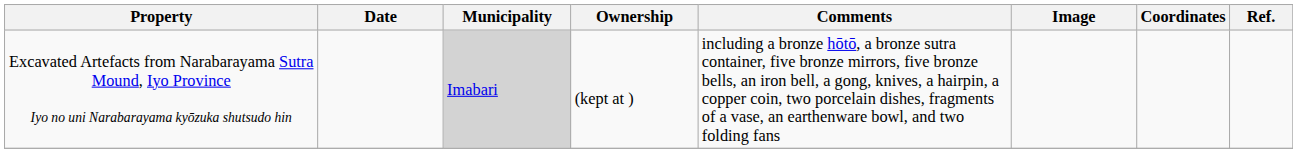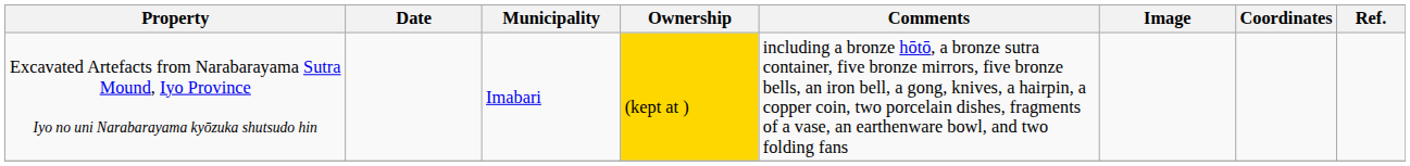 <table class="wikitable sortable"  style="width:100%;">
 <tr>
 <th width="25%" align="left">Property</th>
 <th width="10%" align="left">Date</th>
 <th width="10%" align="left">Municipality</th>
 <th width="10%" align="left">Ownership</th>
 <th width="25%" align="left" class="unsortable">Comments</th>
 <th width="10%" align="left" class="unsortable">Image</th>
 <th width="5%" align="left" class="unsortable">Coordinates</th>
 <th width="5%" align="left" class="unsortable">Ref.</th>
 </tr>
 <tr>
 <td align="center">Excavated Artefacts from Narabarayama <a href='#'>Sutra Mound</a>, <a href='#'>Iyo Province</a><br><br><small><em>Iyo no uni Narabarayama kyōzuka shutsudo hin</em></small></td>
 <td></td>
-<td style="background: lightgrey;"><a href='#'>Imabari</a></td>
-<td><br>(kept at )</td>
+<td><a href='#'>Imabari</a></td>
+<td style="background: gold;"><br>(kept at )</td>
 <td>including a bronze <a href='#'>hōtō</a>, a bronze sutra container, five bronze mirrors, five bronze bells, an iron bell, a gong, knives, a hairpin, a copper coin, two porcelain dishes, fragments of a vase, an earthenware bowl, and two folding fans</td>
 <td></td>
 <td></td>
 <td></td>
 </tr>
 <tr>
 </tr>
 </table>
